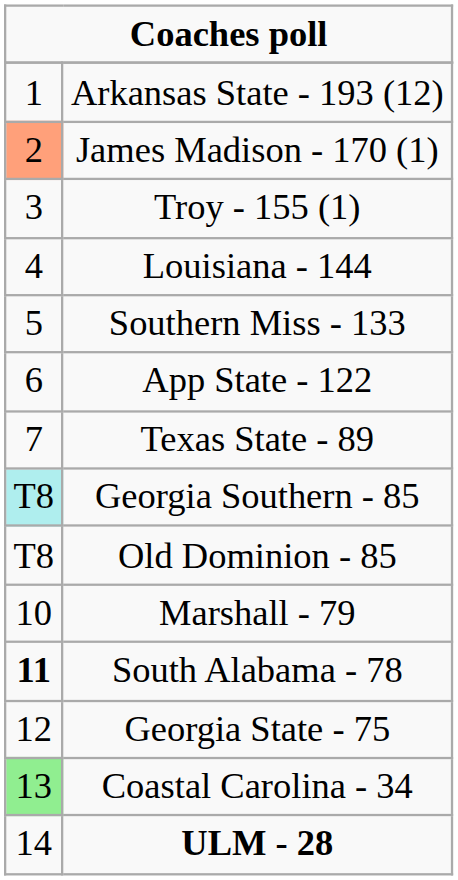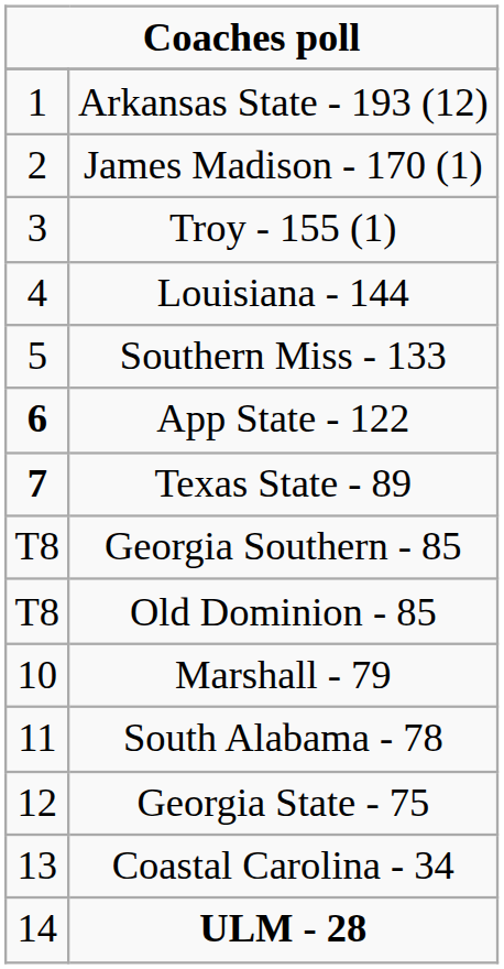 <table class="wikitable" style="display: inline-table;">
 <tr>
 <td align="center" Colspan="3"><strong>Coaches poll</strong></td>
 </tr>
 <tr align="center">
 </tr>
 <tr align="center">
 <td>1</td>
 <td>Arkansas State - 193 (12)</td>
 </tr>
 <tr align="center">
-<td style="background: lightsalmon;">2</td>
+<td>2</td>
 <td>James Madison - 170 (1)</td>
 </tr>
 <tr align="center">
 <td>3</td>
 <td>Troy - 155 (1)</td>
 </tr>
 <tr align="center">
 <td>4</td>
 <td>Louisiana - 144</td>
 </tr>
 <tr align="center">
 <td>5</td>
 <td>Southern Miss - 133</td>
 </tr>
 <tr align="center">
-<td>6</td>
+<td><strong>6</strong></td>
 <td>App State - 122</td>
 </tr>
 <tr align="center">
-<td>7</td>
+<td><strong>7</strong></td>
 <td>Texas State - 89</td>
 </tr>
 <tr align="center">
-<td style="background: paleturquoise;">T8</td>
+<td>T8</td>
 <td>Georgia Southern - 85</td>
 </tr>
 <tr align="center">
 <td>T8</td>
 <td>Old Dominion - 85</td>
 </tr>
 <tr align="center">
 <td>10</td>
 <td>Marshall - 79</td>
 </tr>
 <tr align="center">
-<td><strong>11</strong></td>
+<td>11</td>
 <td>South Alabama - 78</td>
 </tr>
 <tr align="center">
 <td>12</td>
 <td>Georgia State - 75</td>
 </tr>
 <tr align="center">
-<td style="background: lightgreen;">13</td>
+<td>13</td>
 <td>Coastal Carolina - 34</td>
 </tr>
 <tr align="center">
 <td>14</td>
 <td><strong>ULM - 28</strong></td>
 </tr>
 </table>
